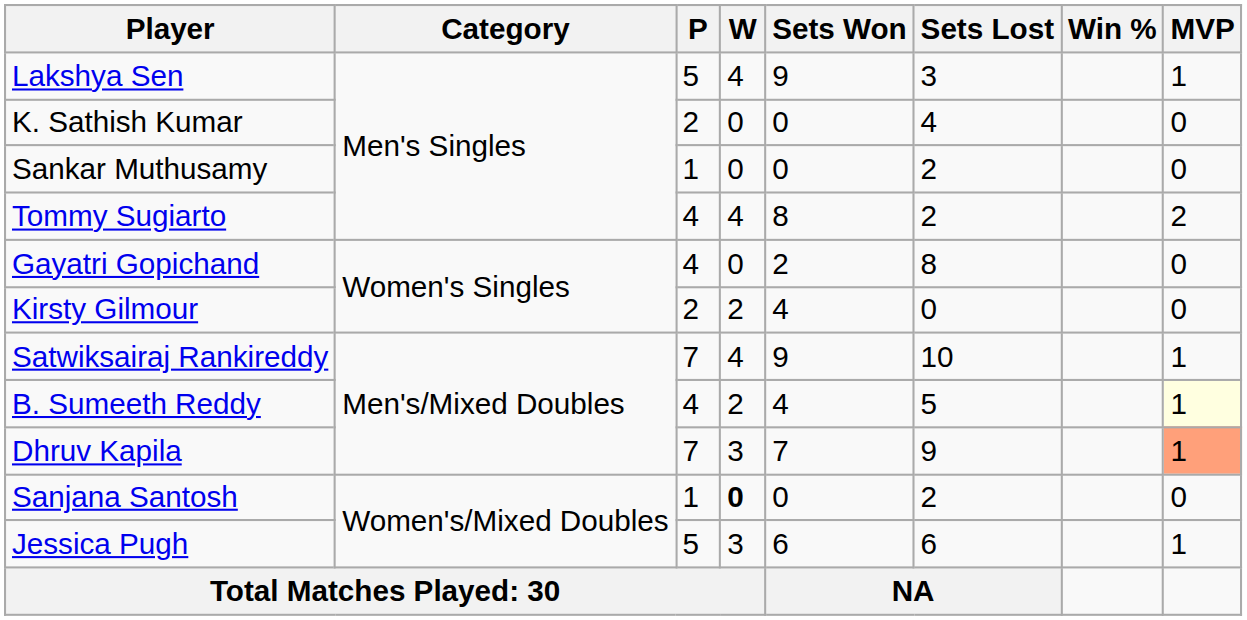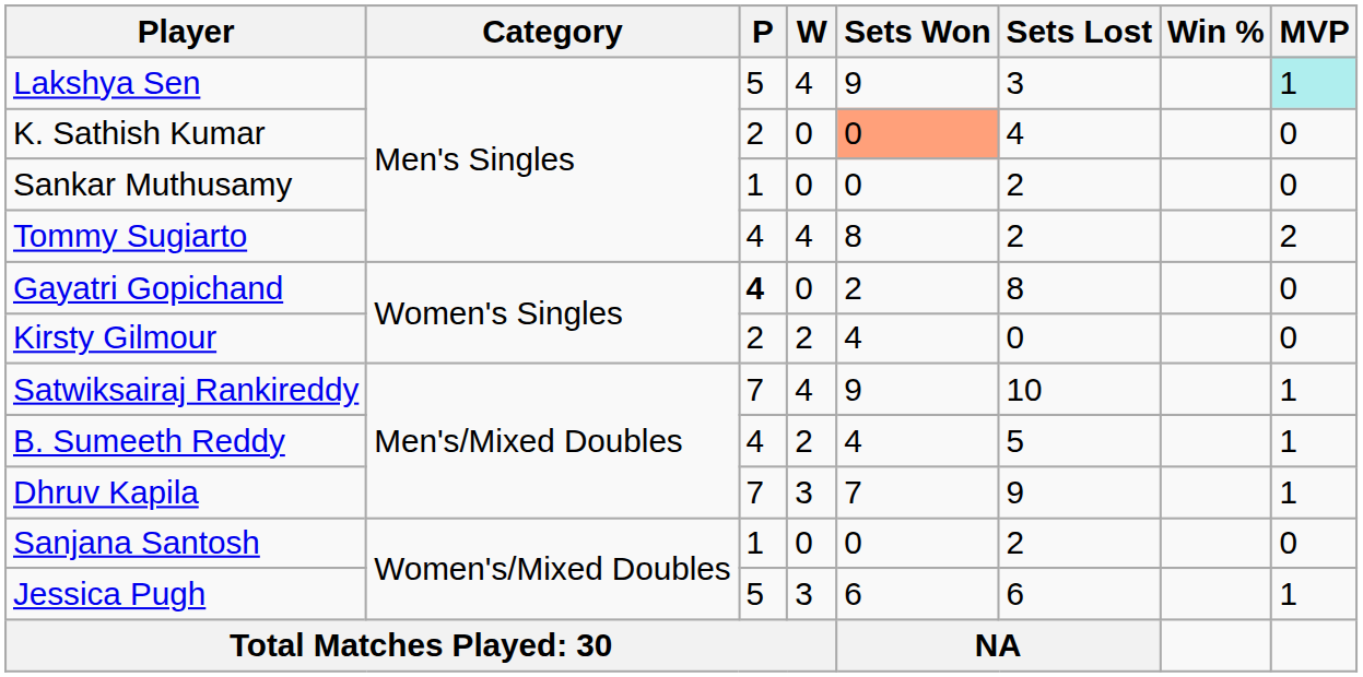 <table class="wikitable" style="font-size:90%">
 <tr>
 <th>Player</th>
 <th>Category</th>
 <th style="width:15px;">P</th>
 <th style="width:15px;">W</th>
 <th>Sets Won</th>
 <th>Sets Lost</th>
 <th>Win %</th>
 <th>MVP</th>
 </tr>
 <tr>
 <td> <a href='#'>Lakshya Sen</a></td>
 <td rowspan="4">Men's Singles</td>
 <td>5</td>
 <td>4</td>
 <td>9</td>
 <td>3</td>
 <td></td>
-<td>1</td>
+<td style="background: paleturquoise;">1</td>
 </tr>
 <tr>
 <td> K. Sathish Kumar</td>
 <td>2</td>
 <td>0</td>
-<td>0</td>
+<td style="background: lightsalmon;">0</td>
 <td>4</td>
 <td></td>
 <td>0</td>
 </tr>
 <tr>
 <td> Sankar Muthusamy</td>
 <td>1</td>
 <td>0</td>
 <td>0</td>
 <td>2</td>
 <td></td>
 <td>0</td>
 </tr>
 <tr>
 <td> <a href='#'>Tommy Sugiarto</a></td>
 <td>4</td>
 <td>4</td>
 <td>8</td>
 <td>2</td>
 <td></td>
 <td>2</td>
 </tr>
 <tr>
 <td> <a href='#'>Gayatri Gopichand</a></td>
 <td rowspan="2">Women's Singles</td>
-<td>4</td>
+<td><strong>4</strong></td>
 <td>0</td>
 <td>2</td>
 <td>8</td>
 <td></td>
 <td>0</td>
 </tr>
 <tr>
 <td> <a href='#'>Kirsty Gilmour</a></td>
 <td>2</td>
 <td>2</td>
 <td>4</td>
 <td>0</td>
 <td></td>
 <td>0</td>
 </tr>
 <tr>
 <td> <a href='#'>Satwiksairaj Rankireddy</a></td>
 <td rowspan="3">Men's/Mixed Doubles</td>
 <td>7</td>
 <td>4</td>
 <td>9</td>
 <td>10</td>
 <td></td>
 <td>1</td>
 </tr>
 <tr>
 <td> <a href='#'>B. Sumeeth Reddy</a></td>
 <td>4</td>
 <td>2</td>
 <td>4</td>
 <td>5</td>
 <td></td>
-<td style="background: lightyellow;">1</td>
+<td>1</td>
 </tr>
 <tr>
 <td> <a href='#'>Dhruv Kapila</a></td>
 <td>7</td>
 <td>3</td>
 <td>7</td>
 <td>9</td>
 <td></td>
-<td style="background: lightsalmon;">1</td>
+<td>1</td>
 </tr>
 <tr>
 <td> <a href='#'>Sanjana Santosh</a></td>
 <td rowspan="2">Women's/Mixed Doubles</td>
 <td>1</td>
-<td><strong>0</strong></td>
+<td>0</td>
 <td>0</td>
 <td>2</td>
 <td></td>
 <td>0</td>
 </tr>
 <tr>
 <td> <a href='#'>Jessica Pugh</a></td>
 <td>5</td>
 <td>3</td>
 <td>6</td>
 <td>6</td>
 <td></td>
 <td>1</td>
 </tr>
 <tr>
 <th colspan="4">Total Matches Played: 30</th>
 <th colspan="2">NA</th>
 <td></td>
 <td></td>
 </tr>
 </table>
